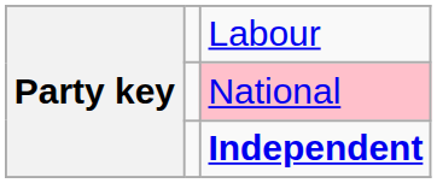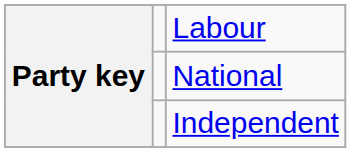 <table class=wikitable>
 <tr>
 <th rowspan=3>Party key</th>
 <td bgcolor=></td>
 <td><a href='#'>Labour</a></td>
 </tr>
 <tr>
 <td bgcolor=></td>
-<td style="background: pink;"><a href='#'>National</a></td>
+<td><a href='#'>National</a></td>
 </tr>
 <tr>
 <td bgcolor=></td>
-<td><strong><a href='#'>Independent</a></strong></td>
+<td><a href='#'>Independent</a></td>
 </tr>
 </table>
